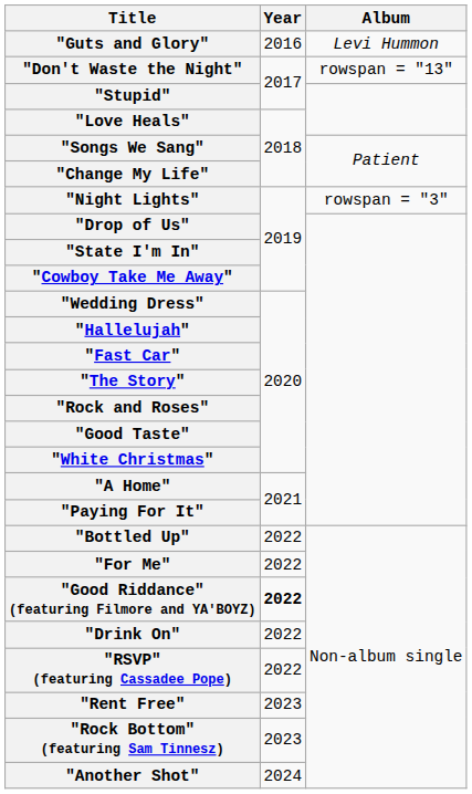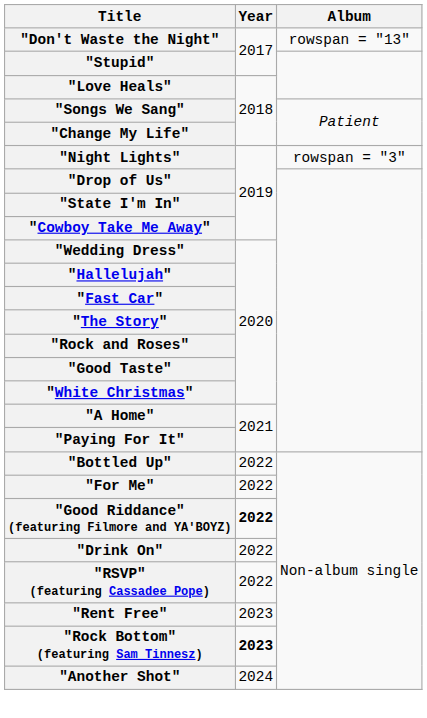 <table class="wikitable plainrowheaders" style=text-align:center;>
 <tr>
 <th scope="col">Title</th>
 <th scope="col">Year</th>
 <th scope="col">Album</th>
-</tr>
-<tr>
-<th scope = "row">"Guts and Glory"</th>
-<td>2016</td>
-<td><em>Levi Hummon</em></td>
 </tr>
 <tr>
 <th scope = "row">"Don't Waste the Night"</th>
 <td rowspan = "2">2017</td>
 <td>rowspan = "13" </td>
 </tr>
 <tr>
 <th scope = "row">"Stupid"</th>
 </tr>
 <tr>
 <th scope = "row">"Love Heals"<br></th>
 <td rowspan = "3">2018</td>
 </tr>
 <tr>
 <th scope = "row">"Songs We Sang"</th>
 <td rowspan = "2"><em>Patient</em></td>
 </tr>
 <tr>
 <th scope = "row">"Change My Life"</th>
 </tr>
 <tr>
 <th scope = "row">"Night Lights"</th>
 <td rowspan = "4">2019</td>
 <td>rowspan = "3" </td>
 </tr>
 <tr>
 <th scope = "row">"Drop of Us"</th>
 </tr>
 <tr>
 <th scope = "row">"State I'm In"</th>
 </tr>
 <tr>
 <th scope = "row">"<a href='#'>Cowboy Take Me Away</a>"<br></th>
 </tr>
 <tr>
 <th scope = "row">"Wedding Dress"</th>
 <td rowspan = "7">2020</td>
 </tr>
 <tr>
 <th scope = "row">"<a href='#'>Hallelujah</a>"</th>
 </tr>
 <tr>
 <th scope = "row">"<a href='#'>Fast Car</a>"</th>
 </tr>
 <tr>
 <th scope = "row">"<a href='#'>The Story</a>"</th>
 </tr>
 <tr>
 <th scope = "row">"Rock and Roses"</th>
 </tr>
 <tr>
 <th scope = "row">"Good Taste"</th>
 </tr>
 <tr>
 <th scope = "row">"<a href='#'>White Christmas</a>"</th>
 </tr>
 <tr>
 <th scope = "row">"A Home"</th>
 <td rowspan = "2">2021</td>
 </tr>
 <tr>
 <th scope = "row">"Paying For It"<br></th>
 </tr>
 <tr>
 <th scope = "row">"Bottled Up"</th>
 <td>2022</td>
 <td rowspan="8">Non-album single</td>
 </tr>
 <tr>
 <th scope = "row">"For Me"</th>
 <td>2022</td>
 </tr>
 <tr>
 <th scope = "row">"Good Riddance"<br><small>(featuring Filmore and YA'BOYZ)</small></th>
 <td><strong>2022</strong></td>
 </tr>
 <tr>
 <th scope = "row">"Drink On"</th>
 <td>2022</td>
 </tr>
 <tr>
 <th scope = "row">"RSVP"<br><small>(featuring <a href='#'>Cassadee Pope</a>)</small></th>
 <td>2022</td>
 </tr>
 <tr>
 <th scope = "row">"Rent Free"</th>
 <td>2023</td>
 </tr>
 <tr>
 <th scope = "row">"Rock Bottom"<br><small>(featuring <a href='#'>Sam Tinnesz</a>)</small></th>
-<td>2023</td>
+<td><strong>2023</strong></td>
 </tr>
 <tr>
 <th scope = "row">"Another Shot"</th>
 <td>2024</td>
 </tr>
 </table>
